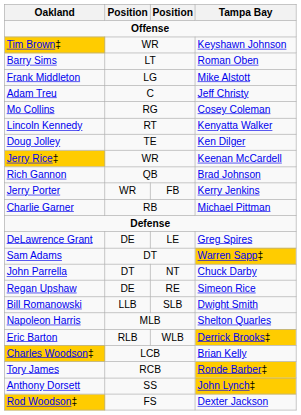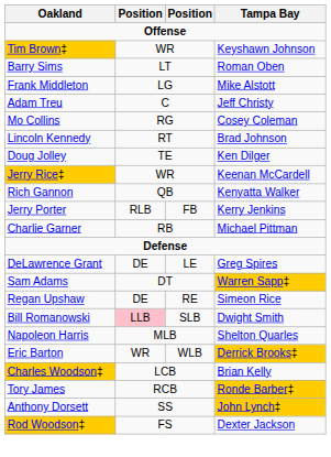 <table class="wikitable">
 <tr>
 <th width="150px">Oakland</th>
 <th>Position</th>
 <th>Position</th>
 <th width="150px">Tampa Bay</th>
 </tr>
 <tr>
 <td colspan="4" align="center"><strong>Offense</strong></td>
 </tr>
 <tr>
 <td bgcolor="#FFCC00"><a href='#'>Tim Brown</a>‡</td>
 <td colspan="2" align="center">WR</td>
 <td><a href='#'>Keyshawn Johnson</a></td>
 </tr>
 <tr>
 <td><a href='#'>Barry Sims</a></td>
 <td colspan="2" align="center">LT</td>
 <td><a href='#'>Roman Oben</a></td>
 </tr>
 <tr>
 <td><a href='#'>Frank Middleton</a></td>
 <td colspan="2" align="center">LG</td>
 <td><a href='#'>Mike Alstott</a></td>
 </tr>
 <tr>
 <td><a href='#'>Adam Treu</a></td>
 <td colspan="2" align="center">C</td>
 <td><a href='#'>Jeff Christy</a></td>
 </tr>
 <tr>
 <td><a href='#'>Mo Collins</a></td>
 <td colspan="2" align="center">RG</td>
 <td><a href='#'>Cosey Coleman</a></td>
 </tr>
 <tr>
 <td><a href='#'>Lincoln Kennedy</a></td>
 <td colspan="2" align="center">RT</td>
-<td><a href='#'>Kenyatta Walker</a></td>
+<td><a href='#'>Brad Johnson</a></td>
 </tr>
 <tr>
 <td><a href='#'>Doug Jolley</a></td>
 <td colspan="2" align="center">TE</td>
 <td><a href='#'>Ken Dilger</a></td>
 </tr>
 <tr>
 <td bgcolor="#FFCC00"><a href='#'>Jerry Rice</a>‡</td>
 <td colspan="2" align="center">WR</td>
 <td><a href='#'>Keenan McCardell</a></td>
 </tr>
 <tr>
 <td><a href='#'>Rich Gannon</a></td>
 <td colspan="2" align="center">QB</td>
-<td><a href='#'>Brad Johnson</a></td>
+<td><a href='#'>Kenyatta Walker</a></td>
 </tr>
 <tr>
 <td><a href='#'>Jerry Porter</a></td>
-<td align="center">WR</td>
+<td align="center">RLB</td>
 <td align="center">FB</td>
 <td><a href='#'>Kerry Jenkins</a></td>
 </tr>
 <tr>
 <td><a href='#'>Charlie Garner</a></td>
 <td colspan="2" align="center">RB</td>
 <td><a href='#'>Michael Pittman</a></td>
 </tr>
 <tr>
 <td colspan="4" align="center"><strong>Defense</strong></td>
 </tr>
 <tr>
 <td><a href='#'>DeLawrence Grant</a></td>
 <td align="center">DE</td>
 <td align="center">LE</td>
 <td><a href='#'>Greg Spires</a></td>
 </tr>
 <tr>
 <td><a href='#'>Sam Adams</a></td>
 <td colspan="2" align="center">DT</td>
 <td bgcolor="#FFCC00"><a href='#'>Warren Sapp</a>‡</td>
 </tr>
 <tr>
-<td><a href='#'>John Parrella</a></td>
-<td align="center">DT</td>
-<td align="center">NT</td>
-<td><a href='#'>Chuck Darby</a></td>
-</tr>
-<tr>
 <td><a href='#'>Regan Upshaw</a></td>
 <td align="center">DE</td>
 <td align="center">RE</td>
 <td><a href='#'>Simeon Rice</a></td>
 </tr>
 <tr>
 <td><a href='#'>Bill Romanowski</a></td>
-<td align="center">LLB</td>
+<td align="center" style="background: pink;">LLB</td>
 <td align="center">SLB</td>
 <td><a href='#'>Dwight Smith</a></td>
 </tr>
 <tr>
 <td><a href='#'>Napoleon Harris</a></td>
 <td colspan="2" align="center">MLB</td>
 <td><a href='#'>Shelton Quarles</a></td>
 </tr>
 <tr>
 <td><a href='#'>Eric Barton</a></td>
-<td align="center">RLB</td>
+<td align="center">WR</td>
 <td align="center">WLB</td>
 <td bgcolor="#FFCC00"><a href='#'>Derrick Brooks</a>‡</td>
 </tr>
 <tr>
 <td bgcolor="#FFCC00"><a href='#'>Charles Woodson</a>‡</td>
 <td colspan="2" align="center">LCB</td>
 <td><a href='#'>Brian Kelly</a></td>
 </tr>
 <tr>
 <td><a href='#'>Tory James</a></td>
 <td colspan="2" align="center">RCB</td>
 <td bgcolor="#FFCC00"><a href='#'>Ronde Barber</a>‡</td>
 </tr>
 <tr>
 <td><a href='#'>Anthony Dorsett</a></td>
 <td colspan="2" align="center">SS</td>
 <td bgcolor="#FFCC00"><a href='#'>John Lynch</a>‡</td>
 </tr>
 <tr>
 <td bgcolor="#FFCC00"><a href='#'>Rod Woodson</a>‡</td>
 <td colspan="2" align="center">FS</td>
 <td><a href='#'>Dexter Jackson</a></td>
 </tr>
 </table>
